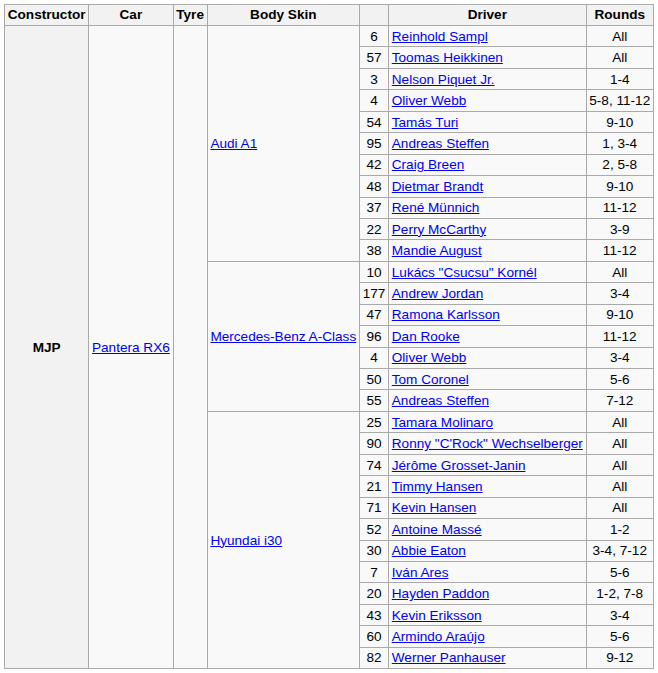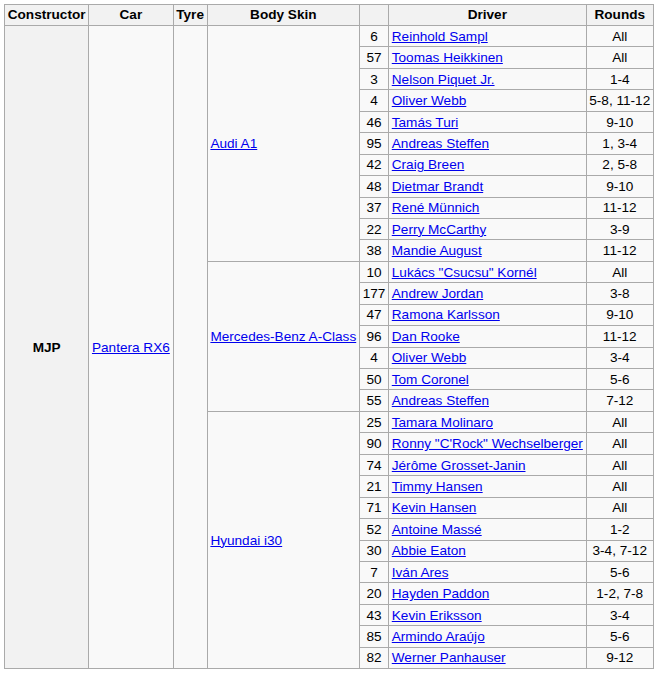 <table class="wikitable" style="font-size:85%;">
 <tr>
 <th>Constructor</th>
 <th>Car</th>
 <th>Tyre</th>
 <th>Body Skin</th>
 <th></th>
 <th>Driver</th>
 <th>Rounds</th>
 </tr>
 <tr>
 <th rowspan="30">MJP</th>
 <td rowspan="30"><a href='#'>Pantera RX6</a></td>
 <td rowspan="30" align="center"></td>
 <td rowspan="11"><a href='#'>Audi A1</a></td>
 <td align=center>6</td>
 <td> <a href='#'>Reinhold Sampl</a></td>
 <td align=center>All</td>
 </tr>
 <tr>
 <td align=center>57</td>
 <td> <a href='#'>Toomas Heikkinen</a></td>
 <td align=center>All</td>
 </tr>
 <tr>
 <td align="center">3</td>
 <td> <a href='#'>Nelson Piquet Jr.</a></td>
 <td align="center">1-4</td>
 </tr>
 <tr>
 <td align="center">4</td>
 <td> <a href='#'>Oliver Webb</a></td>
 <td align="center">5-8, 11-12</td>
 </tr>
 <tr>
-<td align="center">54</td>
+<td align="center">46</td>
 <td> <a href='#'>Tamás Turi</a></td>
 <td align="center">9-10</td>
 </tr>
 <tr>
 <td align="center">95</td>
 <td> <a href='#'>Andreas Steffen</a></td>
 <td align="center">1, 3-4</td>
 </tr>
 <tr>
 <td align="center">42</td>
 <td> <a href='#'>Craig Breen</a></td>
 <td align="center">2, 5-8</td>
 </tr>
 <tr>
 <td align="center">48</td>
 <td> <a href='#'>Dietmar Brandt</a></td>
 <td align="center">9-10</td>
 </tr>
 <tr>
 <td align="center">37</td>
 <td> <a href='#'>René Münnich</a></td>
 <td align="center">11-12</td>
 </tr>
 <tr>
 <td align="center">22</td>
 <td> <a href='#'>Perry McCarthy</a></td>
 <td align="center">3-9</td>
 </tr>
 <tr>
 <td align="center">38</td>
 <td> <a href='#'>Mandie August</a></td>
 <td align="center">11-12</td>
 </tr>
 <tr>
 <td rowspan="7"><a href='#'>Mercedes-Benz A-Class</a></td>
 <td align="center">10</td>
 <td> <a href='#'>Lukács "Csucsu" Kornél</a></td>
 <td align="center">All</td>
 </tr>
 <tr>
 <td align="center">177</td>
 <td> <a href='#'>Andrew Jordan</a></td>
-<td align="center">3-4</td>
+<td align="center">3-8</td>
 </tr>
 <tr>
 <td align="center">47</td>
 <td> <a href='#'>Ramona Karlsson</a></td>
 <td align="center">9-10</td>
 </tr>
 <tr>
 <td align="center">96</td>
 <td> <a href='#'>Dan Rooke</a></td>
 <td align="center">11-12</td>
 </tr>
 <tr>
 <td align="center">4</td>
 <td> <a href='#'>Oliver Webb</a></td>
 <td align="center">3-4</td>
 </tr>
 <tr>
 <td align="center">50</td>
 <td> <a href='#'>Tom Coronel</a></td>
 <td align="center">5-6</td>
 </tr>
 <tr>
 <td align="center">55</td>
 <td> <a href='#'>Andreas Steffen</a></td>
 <td align="center">7-12</td>
 </tr>
 <tr>
 <td rowspan="12"><a href='#'>Hyundai i30</a></td>
 <td align="center">25</td>
 <td> <a href='#'>Tamara Molinaro</a></td>
 <td align="center">All</td>
 </tr>
 <tr>
 <td align="center">90</td>
 <td> <a href='#'>Ronny "C'Rock" Wechselberger</a></td>
 <td align="center">All</td>
 </tr>
 <tr>
 <td align="center">74</td>
 <td> <a href='#'>Jérôme Grosset-Janin</a></td>
 <td align="center">All</td>
 </tr>
 <tr>
 <td align="center">21</td>
 <td> <a href='#'>Timmy Hansen</a></td>
 <td align="center">All</td>
 </tr>
 <tr>
 <td align="center">71</td>
 <td> <a href='#'>Kevin Hansen</a></td>
 <td align="center">All</td>
 </tr>
 <tr>
 <td align="center">52</td>
 <td> <a href='#'>Antoine Massé</a></td>
 <td align="center">1-2</td>
 </tr>
 <tr>
 <td align="center">30</td>
 <td> <a href='#'>Abbie Eaton</a></td>
 <td align="center">3-4, 7-12</td>
 </tr>
 <tr>
 <td align="center">7</td>
 <td> <a href='#'>Iván Ares</a></td>
 <td align="center">5-6</td>
 </tr>
 <tr>
 <td align="center">20</td>
 <td> <a href='#'>Hayden Paddon</a></td>
 <td align="center">1-2, 7-8</td>
 </tr>
 <tr>
 <td align="center">43</td>
 <td> <a href='#'>Kevin Eriksson</a></td>
 <td align="center">3-4</td>
 </tr>
 <tr>
-<td align="center">60</td>
+<td align="center">85</td>
 <td> <a href='#'>Armindo Araújo</a></td>
 <td align="center">5-6</td>
 </tr>
 <tr>
 <td align="center">82</td>
 <td> <a href='#'>Werner Panhauser</a></td>
 <td align="center">9-12</td>
 </tr>
 </table>
